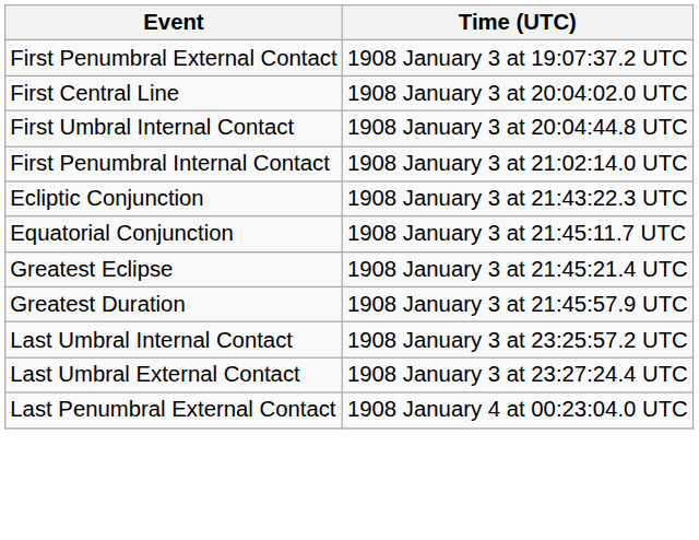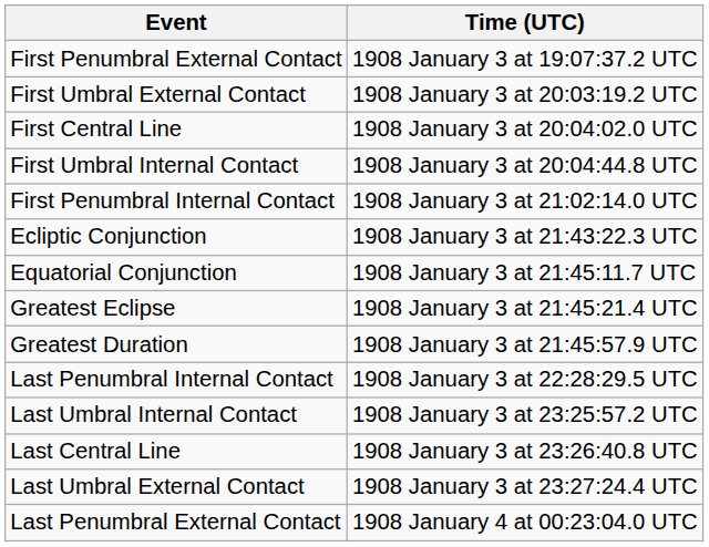 <table class="wikitable">
 <tr>
 <th>Event</th>
 <th>Time (UTC)</th>
 </tr>
 <tr>
 <td>First Penumbral External Contact</td>
 <td>1908 January 3 at 19:07:37.2 UTC</td>
+</tr>
+<tr>
+<td>First Umbral External Contact</td>
+<td>1908 January 3 at 20:03:19.2 UTC</td>
 </tr>
 <tr>
 <td>First Central Line</td>
 <td>1908 January 3 at 20:04:02.0 UTC</td>
 </tr>
 <tr>
 <td>First Umbral Internal Contact</td>
 <td>1908 January 3 at 20:04:44.8 UTC</td>
 </tr>
 <tr>
 <td>First Penumbral Internal Contact</td>
 <td>1908 January 3 at 21:02:14.0 UTC</td>
 </tr>
 <tr>
 <td>Ecliptic Conjunction</td>
 <td>1908 January 3 at 21:43:22.3 UTC</td>
 </tr>
 <tr>
 <td>Equatorial Conjunction</td>
 <td>1908 January 3 at 21:45:11.7 UTC</td>
 </tr>
 <tr>
 <td>Greatest Eclipse</td>
 <td>1908 January 3 at 21:45:21.4 UTC</td>
 </tr>
 <tr>
 <td>Greatest Duration</td>
 <td>1908 January 3 at 21:45:57.9 UTC</td>
 </tr>
 <tr>
+<td>Last Penumbral Internal Contact</td>
+<td>1908 January 3 at 22:28:29.5 UTC</td>
+</tr>
+<tr>
 <td>Last Umbral Internal Contact</td>
 <td>1908 January 3 at 23:25:57.2 UTC</td>
+</tr>
+<tr>
+<td>Last Central Line</td>
+<td>1908 January 3 at 23:26:40.8 UTC</td>
 </tr>
 <tr>
 <td>Last Umbral External Contact</td>
 <td>1908 January 3 at 23:27:24.4 UTC</td>
 </tr>
 <tr>
 <td>Last Penumbral External Contact</td>
 <td>1908 January 4 at 00:23:04.0 UTC</td>
 </tr>
 </table>
